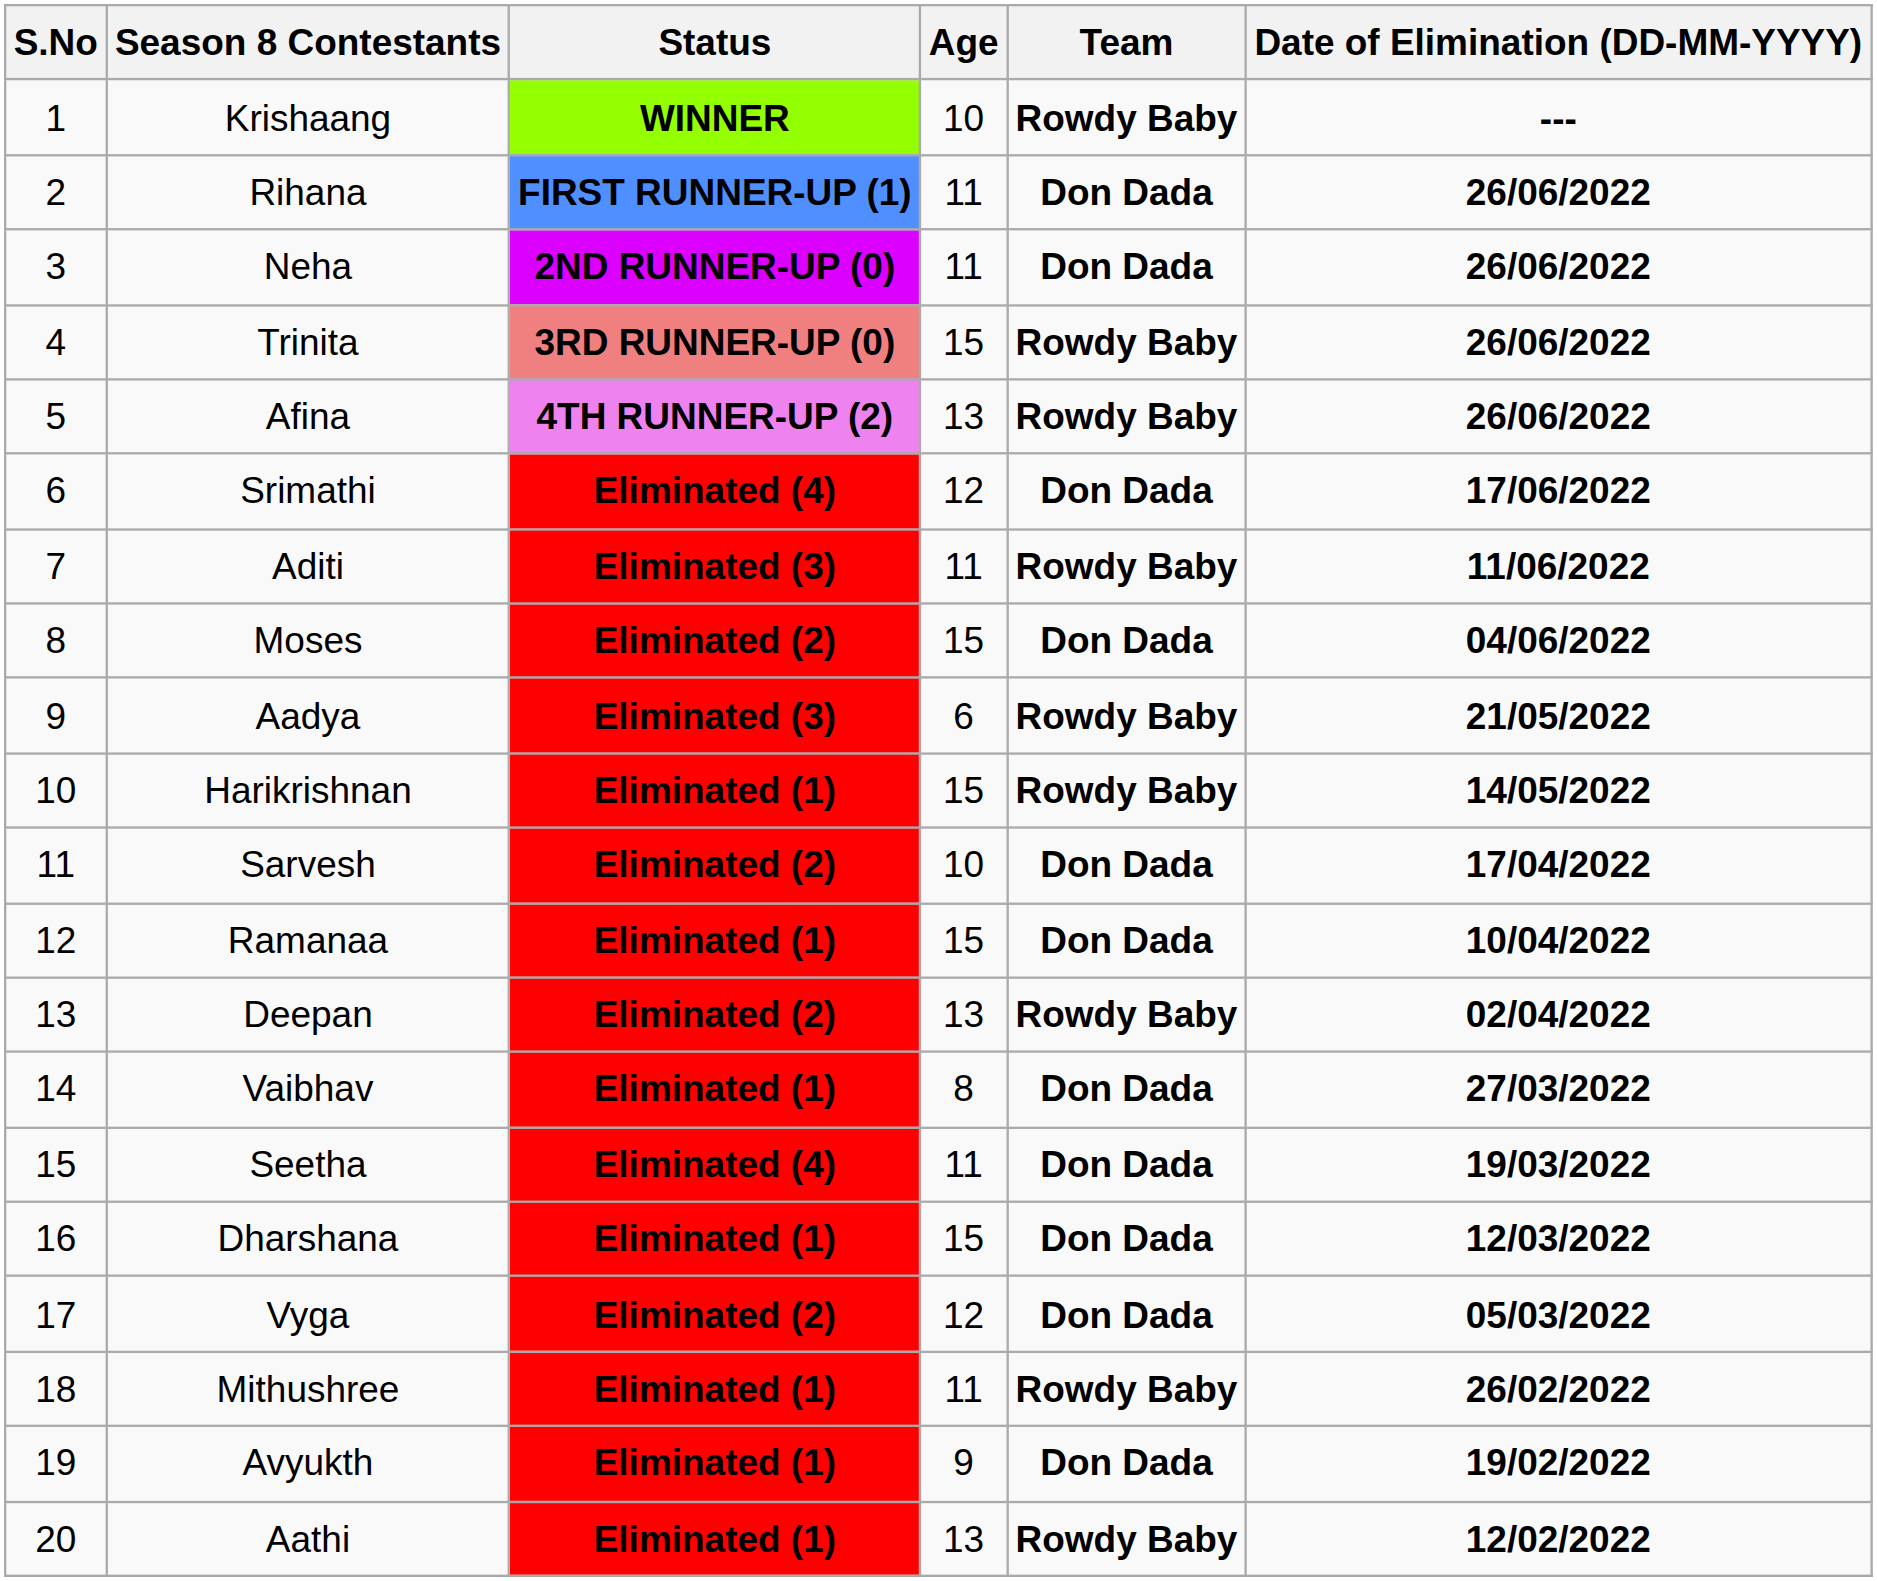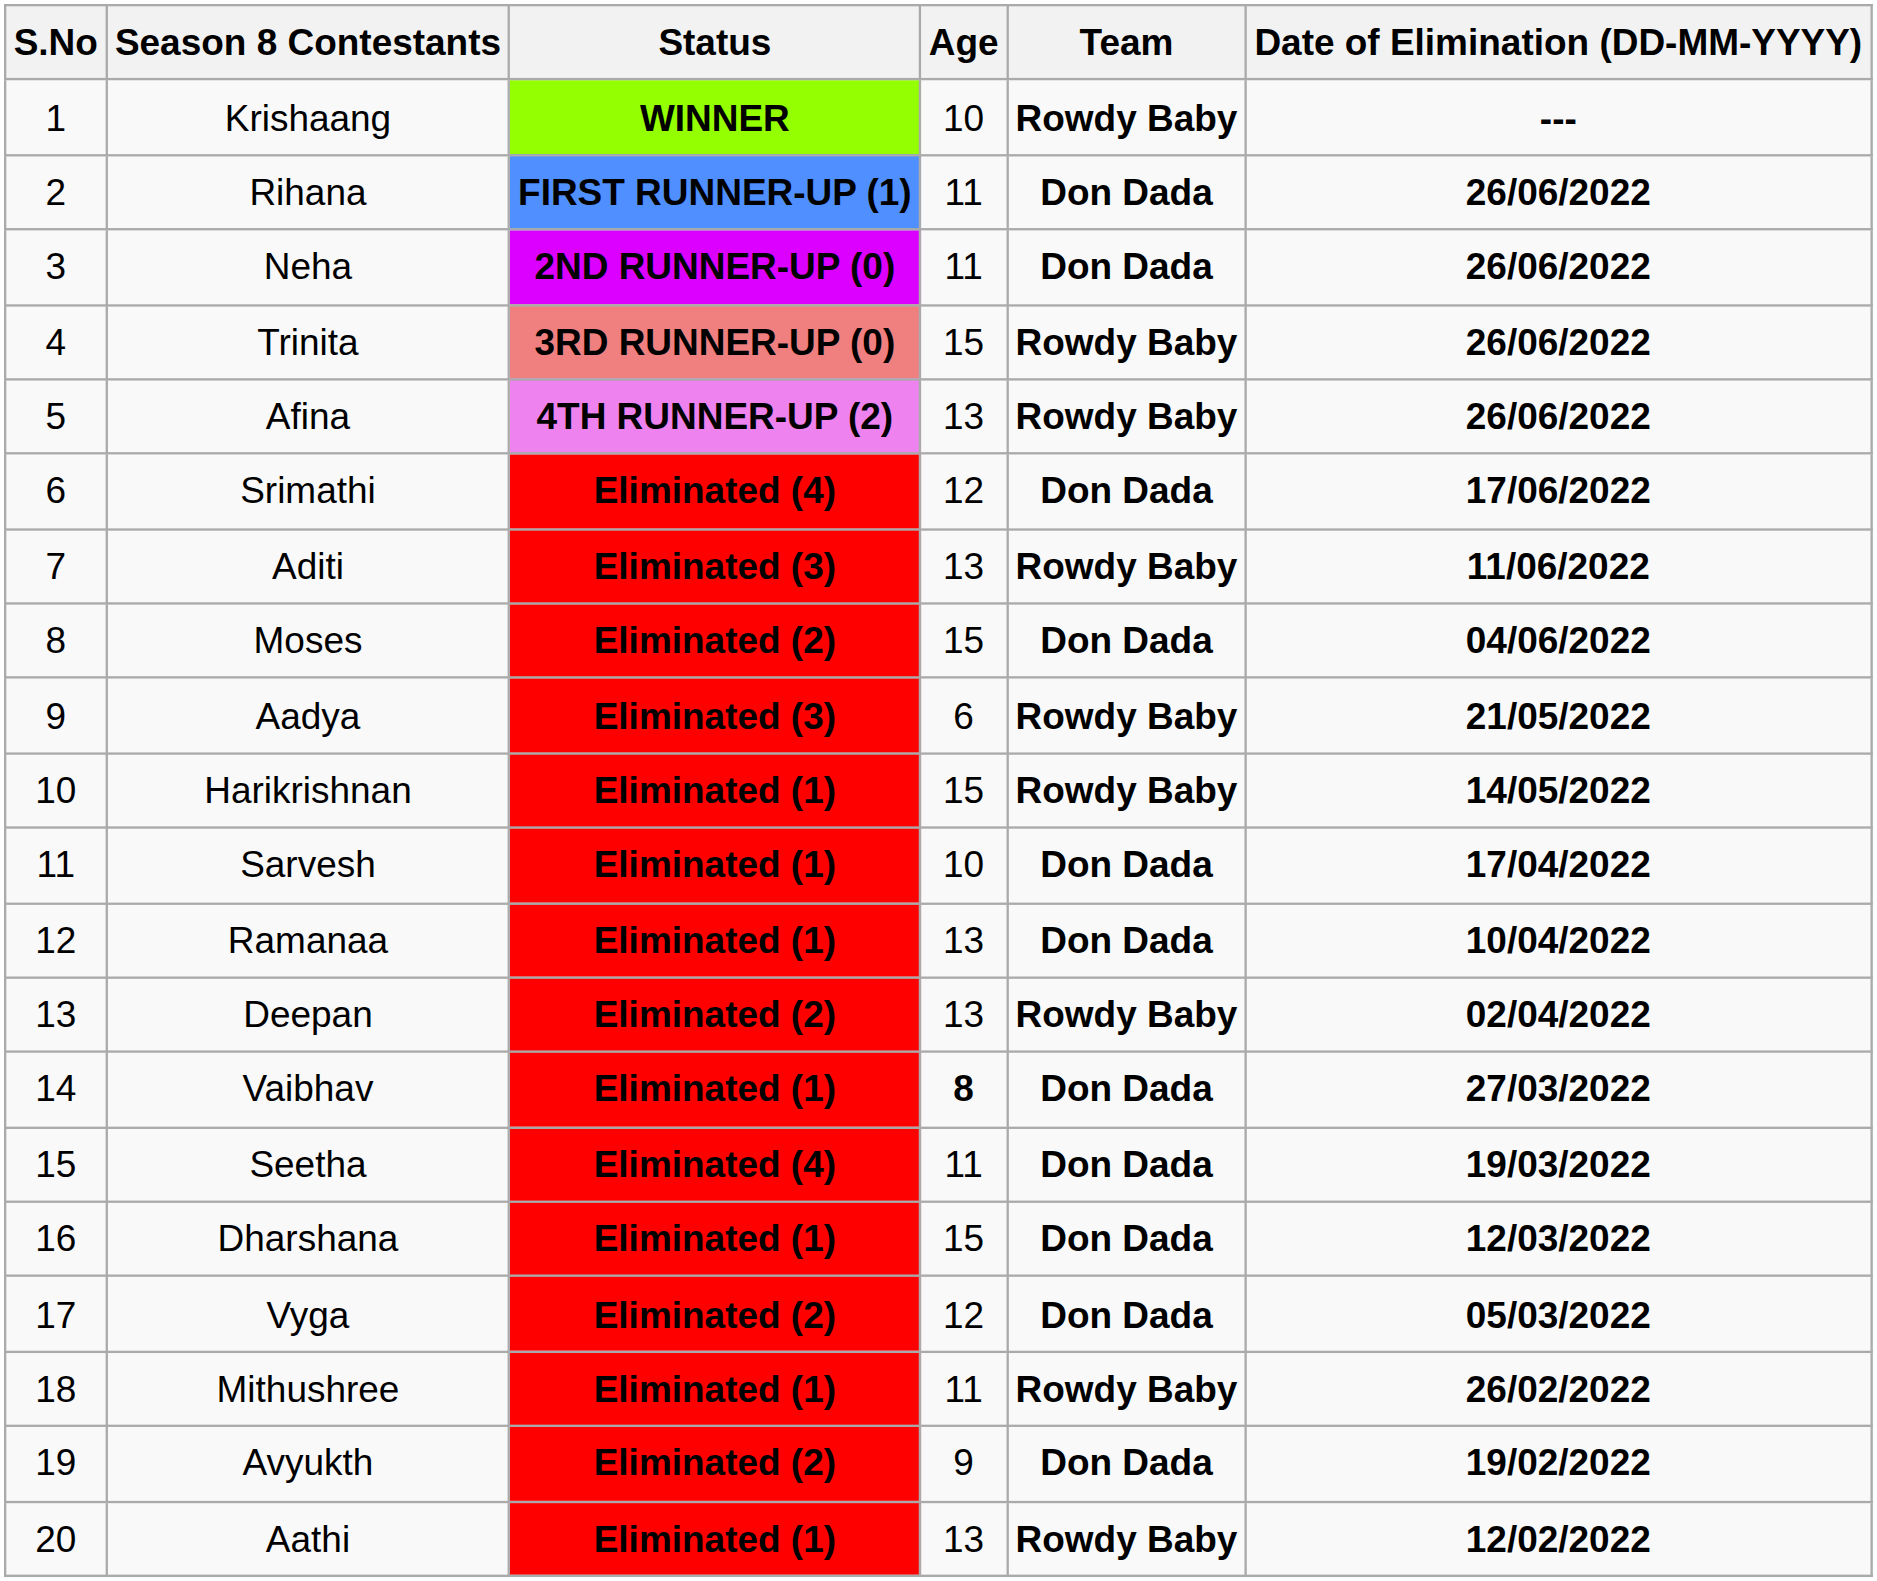 <table class="wikitable sortable" style=" text-align:center; font-size:100%;  line-height:25px; width:auto;">
 <tr>
 <th>S.No</th>
 <th scope="col">Season 8 Contestants</th>
 <th scope="col">Status</th>
 <th>Age</th>
 <th>Team</th>
 <th>Date of Elimination (DD-MM-YYYY)</th>
 </tr>
 <tr>
 <td>1</td>
 <td>Krishaang</td>
 <td rowspan="1" style="background:#93FF00;" ;><strong>WINNER</strong></td>
 <td>10</td>
 <td><strong>Rowdy Baby</strong></td>
 <td><strong>---</strong></td>
 </tr>
 <tr>
 <td>2</td>
 <td>Rihana</td>
 <td rowspan="1" style="background:#4F8FFF;" ;><strong>FIRST RUNNER-UP (1)</strong></td>
 <td>11</td>
 <td><strong>Don Dada</strong></td>
 <td><strong>26/06/2022</strong></td>
 </tr>
 <tr>
 <td>3</td>
 <td>Neha</td>
 <td rowspan="1" style="background:#DB00FF;”"><strong>2ND RUNNER-UP (0)</strong></td>
 <td>11</td>
 <td><strong>Don Dada</strong></td>
 <td><strong>26/06/2022</strong></td>
 </tr>
 <tr>
 <td>4</td>
 <td>Trinita</td>
 <td rowspan="1" style="background:#F08080;" ;><strong>3RD RUNNER-UP (0)</strong></td>
 <td>15</td>
 <td><strong>Rowdy Baby</strong></td>
 <td><strong>26/06/2022</strong></td>
 </tr>
 <tr>
 <td>5</td>
 <td>Afina</td>
 <td rowspan="1" style="background:#EE82EE;" ;><strong>4TH RUNNER-UP (2)</strong></td>
 <td>13</td>
 <td><strong>Rowdy Baby</strong></td>
 <td><strong>26/06/2022</strong></td>
 </tr>
 <tr>
 <td>6</td>
 <td>Srimathi</td>
 <td rowspan="1" style="background:#FF0000;" ;><strong>Eliminated (4)</strong></td>
 <td>12</td>
 <td><strong>Don Dada</strong></td>
 <td><strong>17/06/2022</strong></td>
 </tr>
 <tr>
 <td>7</td>
 <td>Aditi</td>
 <td rowspan="1" style="background:#FF0000;" ;><strong>Eliminated (3)</strong></td>
-<td>11</td>
+<td>13</td>
 <td><strong>Rowdy Baby</strong></td>
 <td><strong>11/06/2022</strong></td>
 </tr>
 <tr>
 <td>8</td>
 <td>Moses</td>
 <td rowspan="1" style="background:#FF0000;" ;><strong>Eliminated (2)</strong></td>
 <td>15</td>
 <td><strong>Don Dada</strong></td>
 <td><strong>04/06/2022</strong></td>
 </tr>
 <tr>
 <td>9</td>
 <td>Aadya</td>
 <td rowspan="1" style="background:#FF0000;"><strong>Eliminated (3)</strong></td>
 <td>6</td>
 <td><strong>Rowdy Baby</strong></td>
 <td><strong>21/05/2022</strong></td>
 </tr>
 <tr>
 <td>10</td>
 <td>Harikrishnan</td>
 <td rowspan="1" style="background:#FF0000;"><strong>Eliminated (1)</strong></td>
 <td>15</td>
 <td><strong>Rowdy Baby</strong></td>
 <td><strong>14/05/2022</strong></td>
 </tr>
 <tr>
 <td>11</td>
 <td>Sarvesh</td>
-<td rowspan="1" style="background:#FF0000;" ;><strong>Eliminated (2)</strong></td>
+<td rowspan=1 style="background:#FF0000;"><strong>Eliminated (1)</strong></td>
 <td>10</td>
 <td><strong>Don Dada</strong></td>
 <td><strong>17/04/2022</strong></td>
 </tr>
 <tr>
 <td>12</td>
 <td>Ramanaa</td>
 <td rowspan="1" style="background:#FF0000;"><strong>Eliminated (1)</strong></td>
-<td>15</td>
+<td>13</td>
 <td><strong>Don Dada</strong></td>
 <td><strong>10/04/2022</strong></td>
 </tr>
 <tr>
 <td>13</td>
 <td>Deepan</td>
 <td rowspan="1" style="background:#FF0000;"><strong>Eliminated (2)</strong></td>
 <td>13</td>
 <td><strong>Rowdy Baby</strong></td>
 <td><strong>02/04/2022</strong></td>
 </tr>
 <tr>
 <td>14</td>
 <td>Vaibhav</td>
 <td rowspan="1" style="background:#FF0000;"><strong>Eliminated (1)</strong></td>
-<td>8</td>
+<td><strong>8</strong></td>
 <td><strong>Don Dada</strong></td>
 <td><strong>27/03/2022</strong></td>
 </tr>
 <tr>
 <td>15</td>
 <td>Seetha</td>
 <td rowspan="1" style="background:#FF0000;"><strong>Eliminated (4)</strong></td>
 <td>11</td>
 <td><strong>Don Dada</strong></td>
 <td><strong>19/03/2022</strong></td>
 </tr>
 <tr>
 <td>16</td>
 <td>Dharshana</td>
 <td rowspan=1 style="background:#FF0000;"><strong>Eliminated (1)</strong></td>
 <td>15</td>
 <td><strong>Don Dada</strong></td>
 <td><strong>12/03/2022</strong></td>
 </tr>
 <tr>
 <td>17</td>
 <td>Vyga</td>
 <td rowspan=1 style="background:#FF0000;"><strong>Eliminated (2)</strong></td>
 <td>12</td>
 <td><strong>Don Dada</strong></td>
 <td><strong>05/03/2022</strong></td>
 </tr>
 <tr>
 <td>18</td>
 <td>Mithushree</td>
 <td rowspan=1 style="background:#FF0000;"><strong>Eliminated (1)</strong></td>
 <td>11</td>
 <td><strong>Rowdy Baby</strong></td>
 <td><strong>26/02/2022</strong></td>
 </tr>
 <tr>
 <td>19</td>
 <td>Avyukth</td>
-<td rowspan=1 style="background:#FF0000;"><strong>Eliminated (1)</strong></td>
+<td rowspan="1" style="background:#FF0000;" ;><strong>Eliminated (2)</strong></td>
 <td>9</td>
 <td><strong>Don Dada</strong></td>
 <td><strong>19/02/2022</strong></td>
 </tr>
 <tr>
 <td>20</td>
 <td>Aathi</td>
 <td rowspan=1 style="background:#FF0000;"><strong>Eliminated (1)</strong></td>
 <td>13</td>
 <td><strong>Rowdy Baby</strong></td>
 <td><strong>12/02/2022</strong></td>
 </tr>
 <tr>
 </tr>
 </table>
